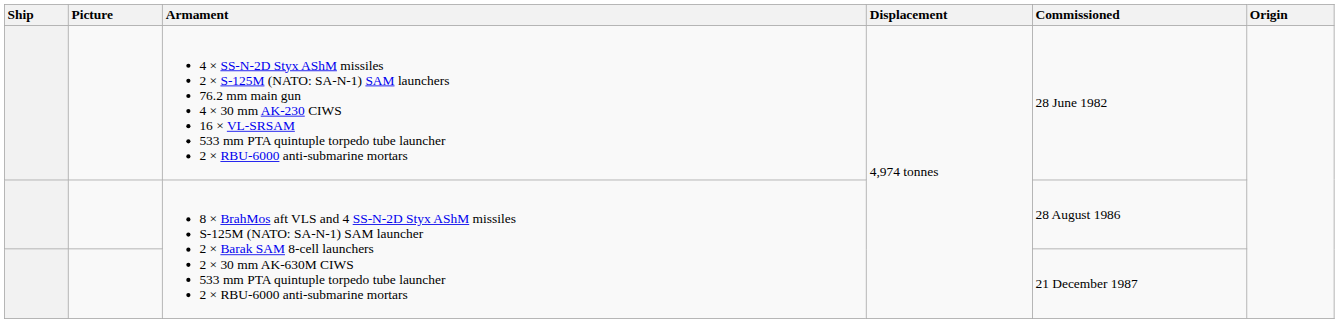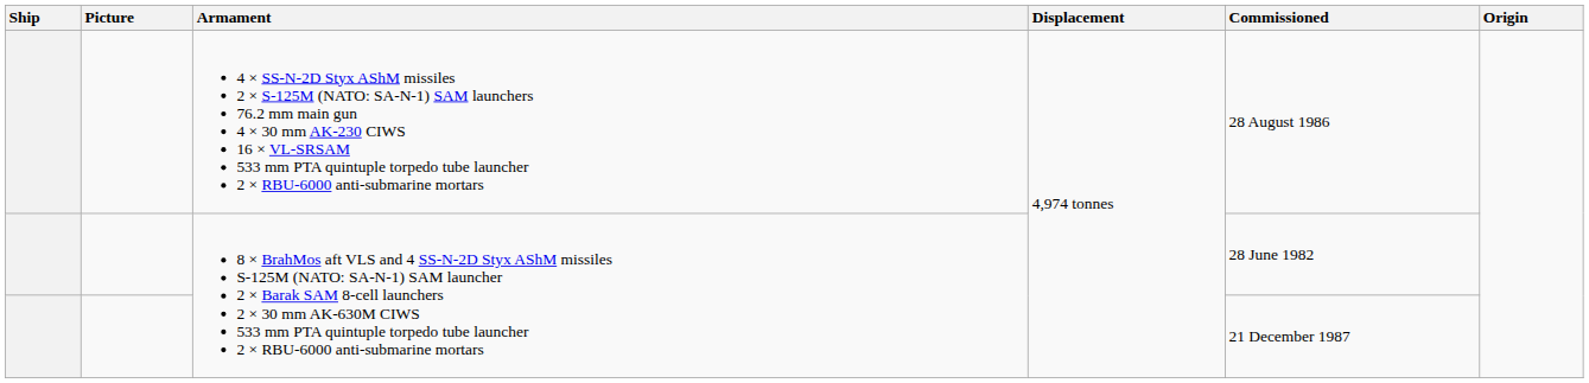 <table class="wikitable" style="width:100%;">
 <tr>
 <th style="text-align:left; ">Ship</th>
 <th style="text-align:left; ">Picture</th>
 <th style="text-align:left; ">Armament</th>
 <th style="text-align:left; ">Displacement</th>
 <th style="text-align:left; ">Commissioned</th>
 <th style="text-align:left; ">Origin</th>
 </tr>
 <tr>
 <th scope="row"></th>
 <td></td>
 <td><br><ul><li>4 × <a href='#'>SS-N-2D Styx AShM</a> missiles</li><li>2 × <a href='#'>S-125M</a> (NATO: SA-N-1) <a href='#'>SAM</a> launchers</li><li>76.2 mm main gun</li><li>4 × 30 mm <a href='#'>AK-230</a> CIWS</li><li>16 × <a href='#'>VL-SRSAM</a></li><li>533 mm PTA quintuple torpedo tube launcher</li><li>2 × <a href='#'>RBU-6000</a> anti-submarine mortars</li></ul></td>
 <td rowspan="3">4,974 tonnes</td>
-<td>28 June 1982</td>
+<td>28 August 1986</td>
 <td rowspan=3><br></td>
 </tr>
 <tr>
 <th scope="row"></th>
 <td></td>
 <td rowspan=2><br><ul><li>8 × <a href='#'>BrahMos</a> aft VLS and 4 <a href='#'>SS-N-2D Styx AShM</a> missiles</li><li>S-125M (NATO: SA-N-1) SAM launcher</li><li>2 × <a href='#'>Barak SAM</a> 8-cell launchers</li><li>2 × 30 mm AK-630M CIWS</li><li>533 mm PTA quintuple torpedo tube launcher</li><li>2 × RBU-6000 anti-submarine mortars</li></ul></td>
-<td>28 August 1986</td>
+<td>28 June 1982</td>
 </tr>
 <tr>
 <th scope="row"></th>
 <td></td>
 <td>21 December 1987</td>
 </tr>
 </table>
